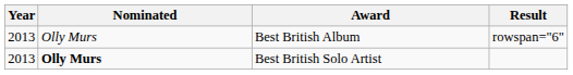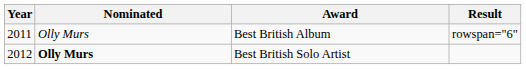 <table class="wikitable" style="width:75%;">
 <tr>
 <th width=5%>Year</th>
 <th style="width:40%;">Nominated</th>
 <th style="width:45%;">Award</th>
 <th style="width:10%;">Result</th>
 </tr>
 <tr>
-<td>2013</td>
+<td>2011</td>
 <td><em>Olly Murs</em></td>
 <td>Best British Album</td>
 <td>rowspan="6" </td>
 </tr>
 <tr>
-<td>2013</td>
+<td>2012</td>
 <td><strong>Olly Murs</strong></td>
 <td>Best British Solo Artist</td>
 </tr>
 </table>
